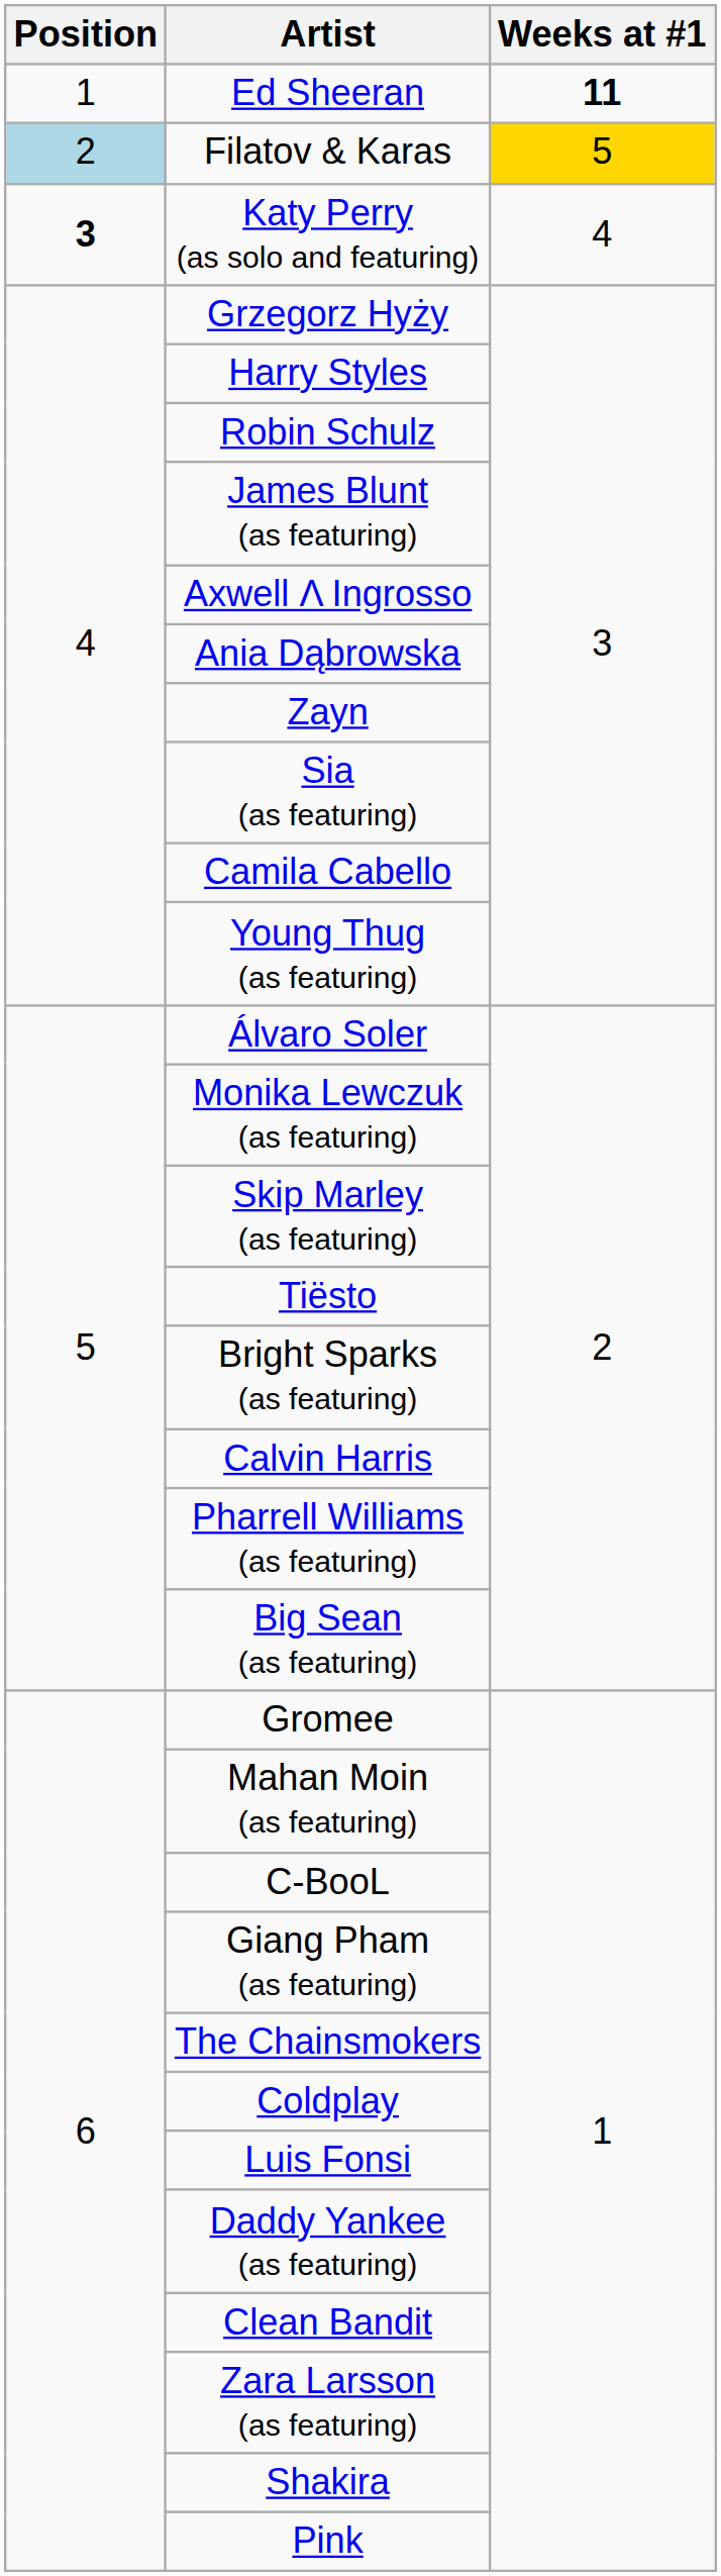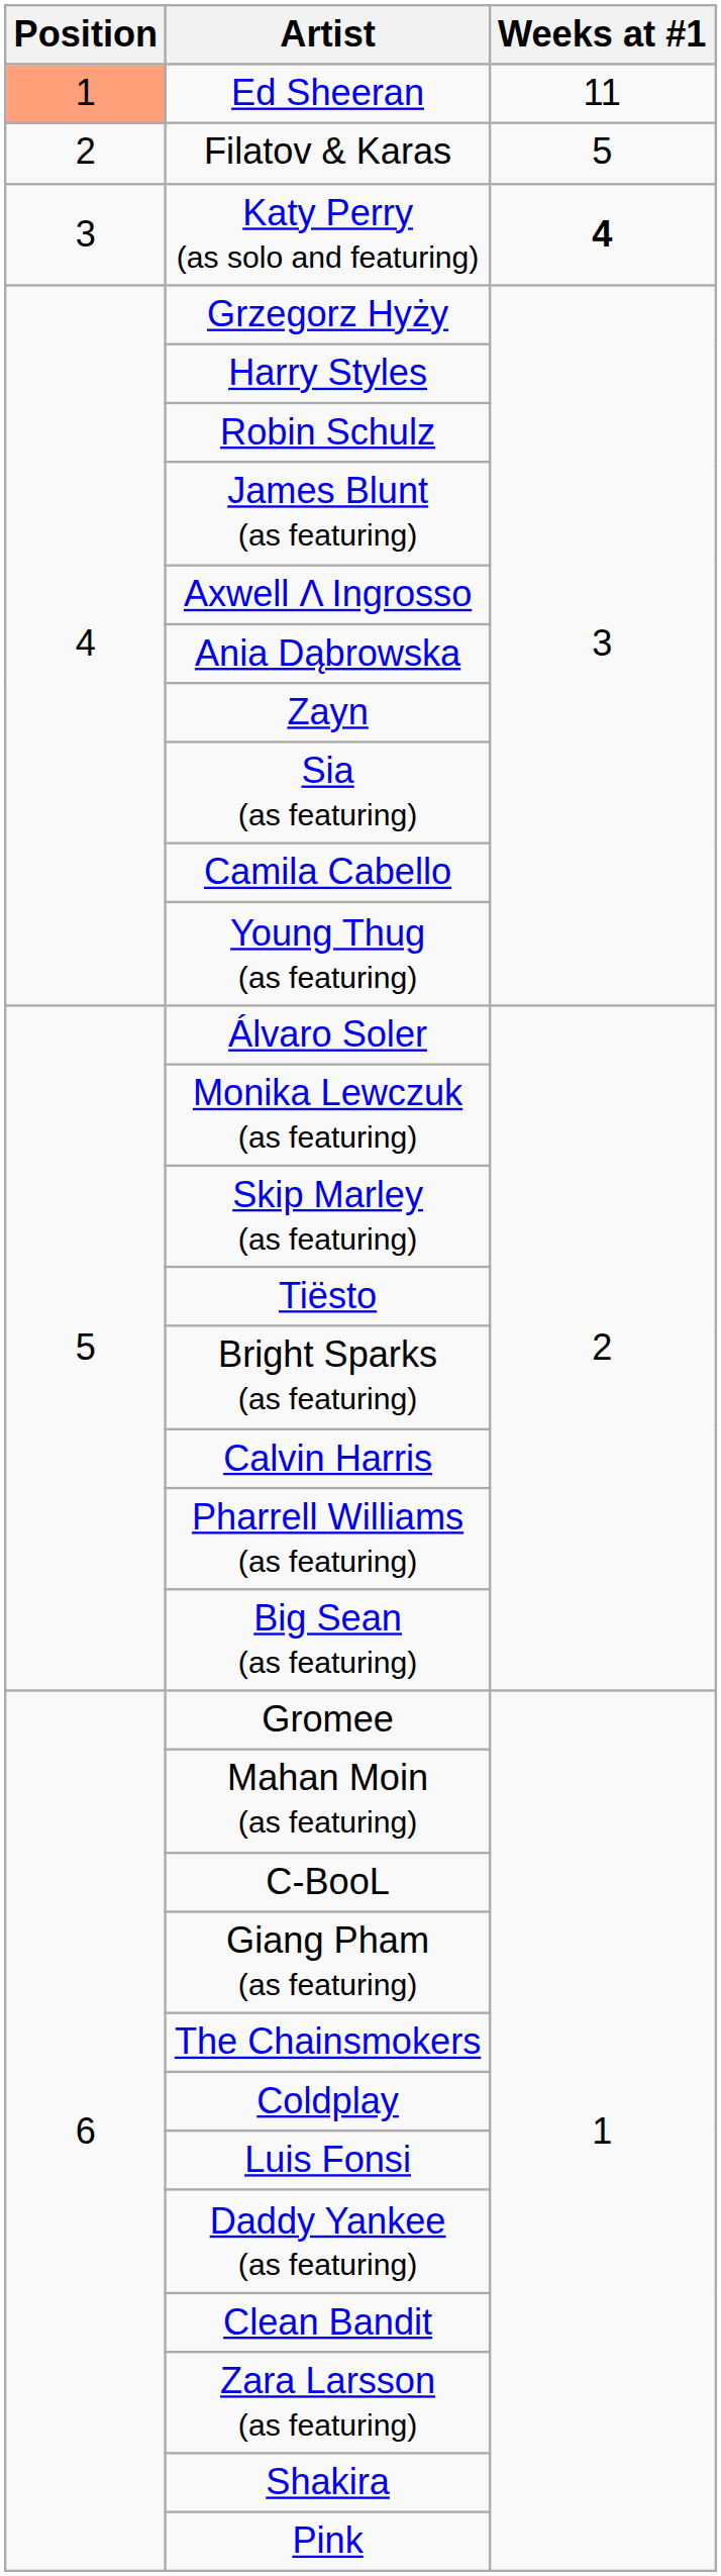 <table class="wikitable" style="font-size:97%;">
 <tr>
 <th>Position</th>
 <th>Artist</th>
 <th>Weeks at #1</th>
 </tr>
 <tr style="text-align:center;">
-<td rowspan="1">1</td>
+<td rowspan="1" style="background: lightsalmon;">1</td>
 <td style="text-align:center;"><a href='#'>Ed Sheeran</a></td>
-<td style="text-align:center;" rowspan="1"><strong>11</strong></td>
+<td style="text-align:center;" rowspan="1">11</td>
 </tr>
 <tr style="text-align:center;">
-<td rowspan="1" style="background: lightblue;">2</td>
+<td rowspan="1">2</td>
 <td style="text-align:center;">Filatov & Karas</td>
-<td style="background: gold; text-align:center;" rowspan="1">5</td>
+<td style="text-align:center;" rowspan="1">5</td>
 </tr>
 <tr style="text-align:center;">
-<td rowspan="1"><strong>3</strong></td>
+<td rowspan="1">3</td>
 <td style="text-align:center;"><a href='#'>Katy Perry</a><br><small>(as solo and featuring)</small></td>
-<td style="text-align:center;" rowspan="1">4</td>
+<td style="text-align:center;" rowspan="1"><strong>4</strong></td>
 </tr>
 <tr style="text-align:center;">
 <td rowspan="10">4</td>
 <td style="text-align:center;"><a href='#'>Grzegorz Hyży</a></td>
 <td style="text-align:center;" rowspan="10">3</td>
 </tr>
 <tr>
 <td style="text-align:center;"><a href='#'>Harry Styles</a></td>
 </tr>
 <tr>
 <td style="text-align:center;"><a href='#'>Robin Schulz</a></td>
 </tr>
 <tr>
 <td style="text-align:center;"><a href='#'>James Blunt</a><br><small>(as featuring)</small></td>
 </tr>
 <tr>
 <td style="text-align:center;"><a href='#'>Axwell Λ Ingrosso</a></td>
 </tr>
 <tr>
 <td style="text-align:center;"><a href='#'>Ania Dąbrowska</a></td>
 </tr>
 <tr>
 <td style="text-align:center;"><a href='#'>Zayn</a></td>
 </tr>
 <tr>
 <td style="text-align:center;"><a href='#'>Sia</a><br><small>(as featuring)</small></td>
 </tr>
 <tr>
 <td style="text-align:center;"><a href='#'>Camila Cabello</a></td>
 </tr>
 <tr>
 <td style="text-align:center;"><a href='#'>Young Thug</a><br><small>(as featuring)</small></td>
 </tr>
 <tr style="text-align:center;">
 <td rowspan="8">5</td>
 <td style="text-align:center;"><a href='#'>Álvaro Soler</a></td>
 <td style="text-align:center;" rowspan="8">2</td>
 </tr>
 <tr>
 <td style="text-align:center;"><a href='#'>Monika Lewczuk</a><br><small>(as featuring)</small></td>
 </tr>
 <tr>
 <td style="text-align:center;"><a href='#'>Skip Marley</a><br><small>(as featuring)</small></td>
 </tr>
 <tr>
 <td style="text-align:center;"><a href='#'>Tiësto</a></td>
 </tr>
 <tr>
 <td style="text-align:center;">Bright Sparks<br><small>(as featuring)</small></td>
 </tr>
 <tr>
 <td style="text-align:center;"><a href='#'>Calvin Harris</a></td>
 </tr>
 <tr>
 <td style="text-align:center;"><a href='#'>Pharrell Williams</a><br><small>(as featuring)</small></td>
 </tr>
 <tr>
 <td style="text-align:center;"><a href='#'>Big Sean</a><br><small>(as featuring)</small></td>
 </tr>
 <tr style="text-align:center;">
 <td rowspan="12">6</td>
 <td style="text-align:center;">Gromee</td>
 <td style="text-align:center;" rowspan="12">1</td>
 </tr>
 <tr>
 <td style="text-align:center;">Mahan Moin<br><small>(as featuring)</small></td>
 </tr>
 <tr>
 <td style="text-align:center;">C-BooL</td>
 </tr>
 <tr>
 <td style="text-align:center;">Giang Pham<br><small>(as featuring)</small></td>
 </tr>
 <tr>
 <td style="text-align:center;"><a href='#'>The Chainsmokers</a></td>
 </tr>
 <tr>
 <td style="text-align:center;"><a href='#'>Coldplay</a></td>
 </tr>
 <tr>
 <td style="text-align:center;"><a href='#'>Luis Fonsi</a></td>
 </tr>
 <tr>
 <td style="text-align:center;"><a href='#'>Daddy Yankee</a><br><small>(as featuring)</small></td>
 </tr>
 <tr>
 <td style="text-align:center;"><a href='#'>Clean Bandit</a></td>
 </tr>
 <tr>
 <td style="text-align:center;"><a href='#'>Zara Larsson</a><br><small>(as featuring)</small></td>
 </tr>
 <tr>
 <td style="text-align:center;"><a href='#'>Shakira</a></td>
 </tr>
 <tr>
 <td style="text-align:center;"><a href='#'>Pink</a></td>
 </tr>
 </table>
